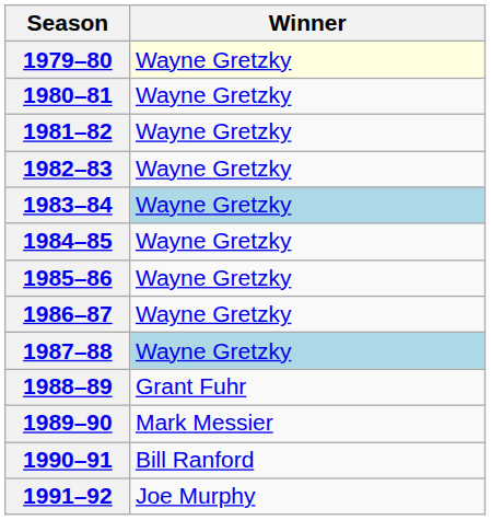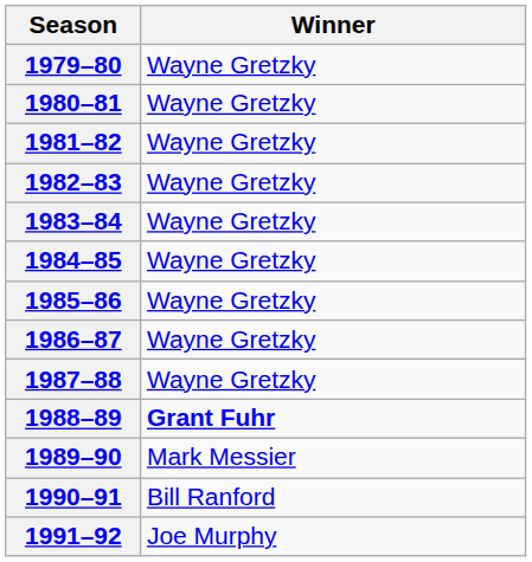 <table class="wikitable">
 <tr>
 <th scope="col" style="width:5em">Season</th>
 <th scope="col" style="width:15em">Winner</th>
 </tr>
 <tr>
 <th scope="row"><a href='#'>1979–80</a></th>
-<td style="background: lightyellow;"><a href='#'>Wayne Gretzky</a></td>
+<td><a href='#'>Wayne Gretzky</a></td>
 </tr>
 <tr>
 <th scope="row"><a href='#'>1980–81</a></th>
 <td><a href='#'>Wayne Gretzky</a></td>
 </tr>
 <tr>
 <th scope="row"><a href='#'>1981–82</a></th>
 <td><a href='#'>Wayne Gretzky</a></td>
 </tr>
 <tr>
 <th scope="row"><a href='#'>1982–83</a></th>
 <td><a href='#'>Wayne Gretzky</a></td>
 </tr>
 <tr>
 <th scope="row"><a href='#'>1983–84</a></th>
-<td style="background: lightblue;"><a href='#'>Wayne Gretzky</a></td>
+<td><a href='#'>Wayne Gretzky</a></td>
 </tr>
 <tr>
 <th scope="row"><a href='#'>1984–85</a></th>
 <td><a href='#'>Wayne Gretzky</a></td>
 </tr>
 <tr>
 <th scope="row"><a href='#'>1985–86</a></th>
 <td><a href='#'>Wayne Gretzky</a></td>
 </tr>
 <tr>
 <th scope="row"><a href='#'>1986–87</a></th>
 <td><a href='#'>Wayne Gretzky</a></td>
 </tr>
 <tr>
 <th scope="row"><a href='#'>1987–88</a></th>
-<td style="background: lightblue;"><a href='#'>Wayne Gretzky</a></td>
+<td><a href='#'>Wayne Gretzky</a></td>
 </tr>
 <tr>
 <th scope="row"><a href='#'>1988–89</a></th>
-<td><a href='#'>Grant Fuhr</a></td>
+<td><strong><a href='#'>Grant Fuhr</a></strong></td>
 </tr>
 <tr>
 <th scope="row"><a href='#'>1989–90</a></th>
 <td><a href='#'>Mark Messier</a></td>
 </tr>
 <tr>
 <th scope="row"><a href='#'>1990–91</a></th>
 <td><a href='#'>Bill Ranford</a></td>
 </tr>
 <tr>
 <th scope="row"><a href='#'>1991–92</a></th>
 <td><a href='#'>Joe Murphy</a></td>
 </tr>
 </table>
